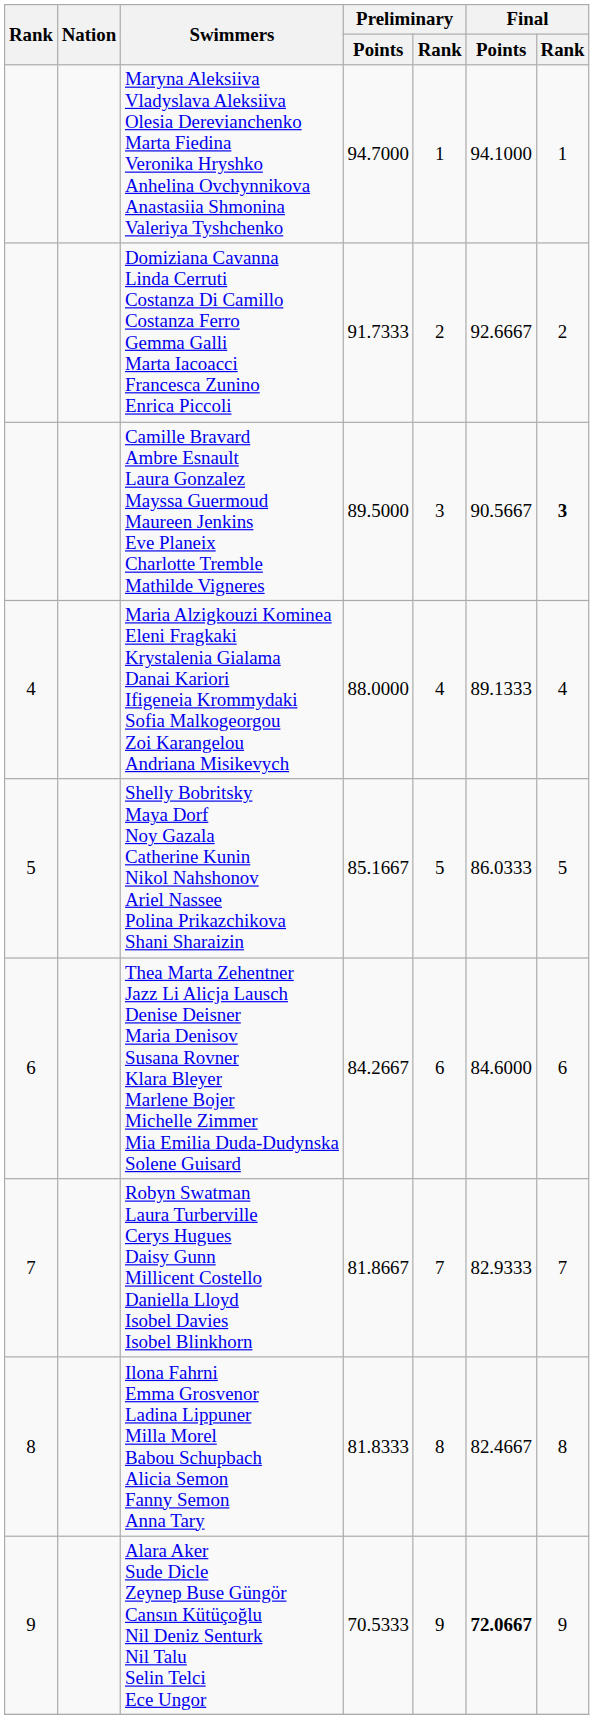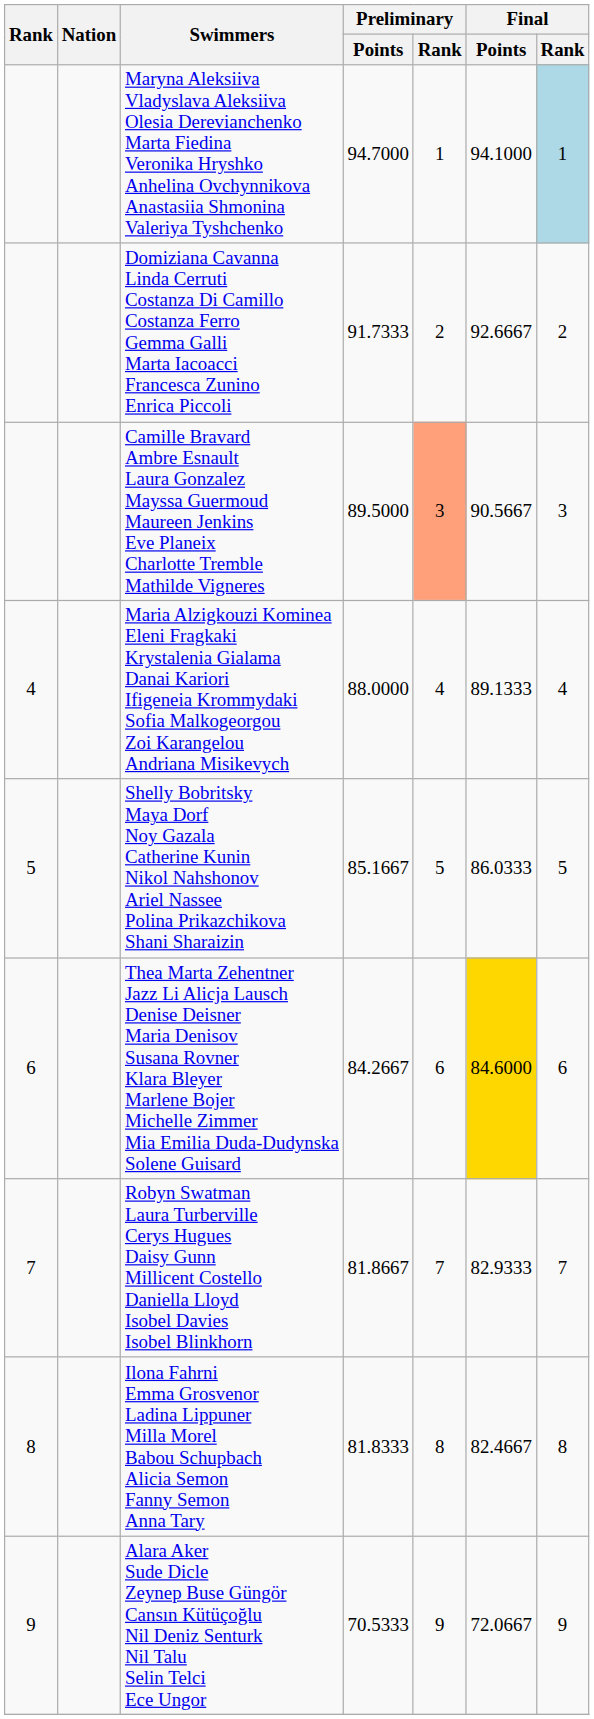 <table class="wikitable sortable" style="text-align:center">
 <tr>
 <th rowspan=2>Rank</th>
 <th rowspan=2>Nation</th>
 <th rowspan=2>Swimmers</th>
 <th colspan=2>Preliminary</th>
 <th colspan=2>Final</th>
 </tr>
 <tr>
 <th>Points</th>
 <th>Rank</th>
 <th>Points</th>
 <th>Rank</th>
 </tr>
 <tr>
 <td></td>
 <td align=left></td>
 <td align=left><a href='#'>Maryna Aleksiiva</a><br><a href='#'>Vladyslava Aleksiiva</a><br><a href='#'>Olesia Derevianchenko</a><br><a href='#'>Marta Fiedina</a><br><a href='#'>Veronika Hryshko</a><br><a href='#'>Anhelina Ovchynnikova</a><br><a href='#'>Anastasiia Shmonina</a><br><a href='#'>Valeriya Tyshchenko</a></td>
 <td>94.7000</td>
 <td>1</td>
 <td>94.1000</td>
-<td>1</td>
+<td style="background: lightblue;">1</td>
 </tr>
 <tr>
 <td></td>
 <td align=left></td>
 <td align=left><a href='#'>Domiziana Cavanna</a><br><a href='#'>Linda Cerruti</a><br><a href='#'>Costanza Di Camillo</a><br><a href='#'>Costanza Ferro</a><br><a href='#'>Gemma Galli</a><br><a href='#'>Marta Iacoacci</a><br><a href='#'>Francesca Zunino</a><br><a href='#'>Enrica Piccoli</a></td>
 <td>91.7333</td>
 <td>2</td>
 <td>92.6667</td>
 <td>2</td>
 </tr>
 <tr>
 <td></td>
 <td align=left></td>
 <td align=left><a href='#'>Camille Bravard</a><br><a href='#'>Ambre Esnault</a><br><a href='#'>Laura Gonzalez</a><br><a href='#'>Mayssa Guermoud</a><br><a href='#'>Maureen Jenkins</a><br><a href='#'>Eve Planeix</a><br><a href='#'>Charlotte Tremble</a><br><a href='#'>Mathilde Vigneres</a></td>
 <td>89.5000</td>
+<td style="background: lightsalmon;">3</td>
+<td>90.5667</td>
 <td>3</td>
-<td>90.5667</td>
-<td><strong>3</strong></td>
 </tr>
 <tr>
 <td>4</td>
 <td align=left></td>
 <td align=left><a href='#'>Maria Alzigkouzi Kominea</a><br><a href='#'>Eleni Fragkaki</a><br><a href='#'>Krystalenia Gialama</a><br><a href='#'>Danai Kariori</a><br><a href='#'>Ifigeneia Krommydaki</a><br><a href='#'>Sofia Malkogeorgou</a><br><a href='#'>Zoi Karangelou</a><br><a href='#'>Andriana Misikevych</a></td>
 <td>88.0000</td>
 <td>4</td>
 <td>89.1333</td>
 <td>4</td>
 </tr>
 <tr>
 <td>5</td>
 <td align=left></td>
 <td align=left><a href='#'>Shelly Bobritsky</a><br><a href='#'>Maya Dorf</a><br><a href='#'>Noy Gazala</a><br><a href='#'>Catherine Kunin</a><br><a href='#'>Nikol Nahshonov</a><br><a href='#'>Ariel Nassee</a><br><a href='#'>Polina Prikazchikova</a><br><a href='#'>Shani Sharaizin</a></td>
 <td>85.1667</td>
 <td>5</td>
 <td>86.0333</td>
 <td>5</td>
 </tr>
 <tr>
 <td>6</td>
 <td align=left></td>
 <td align=left><a href='#'>Thea Marta Zehentner</a><br><a href='#'>Jazz Li Alicja Lausch</a><br><a href='#'>Denise Deisner</a><br><a href='#'>Maria Denisov</a><br><a href='#'>Susana Rovner</a><br><a href='#'>Klara Bleyer</a><br><a href='#'>Marlene Bojer</a><br><a href='#'>Michelle Zimmer</a><br><a href='#'>Mia Emilia Duda-Dudynska</a><br><a href='#'>Solene Guisard</a></td>
 <td>84.2667</td>
 <td>6</td>
-<td>84.6000</td>
+<td style="background: gold;">84.6000</td>
 <td>6</td>
 </tr>
 <tr>
 <td>7</td>
 <td align=left></td>
 <td align=left><a href='#'>Robyn Swatman</a><br><a href='#'>Laura Turberville</a><br><a href='#'>Cerys Hugues</a><br><a href='#'>Daisy Gunn</a><br><a href='#'>Millicent Costello</a><br><a href='#'>Daniella Lloyd</a><br><a href='#'>Isobel Davies</a><br><a href='#'>Isobel Blinkhorn</a></td>
 <td>81.8667</td>
 <td>7</td>
 <td>82.9333</td>
 <td>7</td>
 </tr>
 <tr>
 <td>8</td>
 <td align=left></td>
 <td align=left><a href='#'>Ilona Fahrni</a><br><a href='#'>Emma Grosvenor</a><br><a href='#'>Ladina Lippuner</a><br><a href='#'>Milla Morel</a><br><a href='#'>Babou Schupbach</a><br><a href='#'>Alicia Semon</a><br><a href='#'>Fanny Semon</a><br><a href='#'>Anna Tary</a></td>
 <td>81.8333</td>
 <td>8</td>
 <td>82.4667</td>
 <td>8</td>
 </tr>
 <tr>
 <td>9</td>
 <td align=left></td>
 <td align=left><a href='#'>Alara Aker</a><br><a href='#'>Sude Dicle</a><br><a href='#'>Zeynep Buse Güngör</a><br><a href='#'>Cansın Kütüçoğlu</a><br><a href='#'>Nil Deniz Senturk</a><br><a href='#'>Nil Talu</a><br><a href='#'>Selin Telci</a><br><a href='#'>Ece Ungor</a></td>
 <td>70.5333</td>
 <td>9</td>
-<td><strong>72.0667</strong></td>
+<td>72.0667</td>
 <td>9</td>
 </tr>
 <tr>
 </tr>
 </table>
